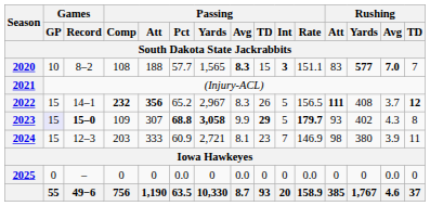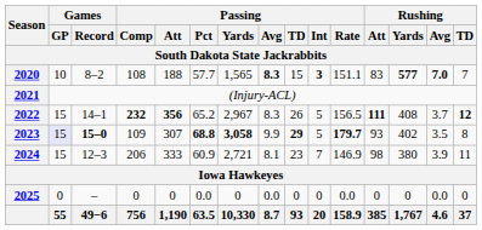 <table class="wikitable" style="text-align:center;">
 <tr>
 <th rowspan="2">Season</th>
 <th colspan="2">Games</th>
 <th colspan="8">Passing</th>
 <th colspan="4">Rushing</th>
 </tr>
 <tr>
 <th>GP</th>
 <th>Record</th>
 <th>Comp</th>
 <th>Att</th>
 <th>Pct</th>
 <th>Yards</th>
 <th>Avg</th>
 <th>TD</th>
 <th>Int</th>
 <th>Rate</th>
 <th>Att</th>
 <th>Yards</th>
 <th>Avg</th>
 <th>TD</th>
 </tr>
 <tr>
 <th colspan="16">South Dakota State Jackrabbits</th>
 </tr>
 <tr>
 <th><a href='#'>2020</a></th>
 <td>10</td>
 <td>8–2</td>
 <td>108</td>
 <td>188</td>
 <td>57.7</td>
 <td>1,565</td>
 <td><strong>8.3</strong></td>
 <td>15</td>
 <td><strong>3</strong></td>
 <td>151.1</td>
 <td>83</td>
 <td><strong>577</strong></td>
 <td><strong>7.0</strong></td>
 <td>7</td>
 </tr>
 <tr>
 <th><a href='#'>2021</a></th>
 <td colspan="15"><em> (Injury-ACL)</em></td>
 </tr>
 <tr>
 <th><a href='#'>2022</a></th>
 <td>15</td>
 <td>14–1</td>
 <td><strong>232</strong></td>
 <td><strong>356</strong></td>
 <td>65.2</td>
 <td>2,967</td>
 <td>8.3</td>
 <td>26</td>
 <td>5</td>
 <td>156.5</td>
 <td><strong>111</strong></td>
 <td>408</td>
 <td>3.7</td>
 <td><strong>12</strong></td>
 </tr>
 <tr>
 <th><a href='#'>2023</a></th>
 <td style="background: lavender;">15</td>
 <td><strong>15–0</strong></td>
 <td>109</td>
 <td>307</td>
 <td><strong>68.8</strong></td>
 <td><strong>3,058</strong></td>
 <td>9.9</td>
 <td><strong>29</strong></td>
 <td>5</td>
 <td><strong>179.7</strong></td>
 <td>93</td>
 <td>402</td>
-<td>4.3</td>
+<td>3.5</td>
 <td>8</td>
 </tr>
 <tr>
 <th><a href='#'>2024</a></th>
 <td>15</td>
 <td>12–3</td>
-<td>203</td>
+<td>206</td>
 <td>333</td>
 <td>60.9</td>
 <td>2,721</td>
 <td>8.1</td>
 <td>23</td>
 <td>7</td>
 <td>146.9</td>
 <td>98</td>
 <td>380</td>
 <td>3.9</td>
 <td>11</td>
 </tr>
 <tr>
 <th colspan="16">Iowa Hawkeyes</th>
 </tr>
 <tr>
 <th><a href='#'>2025</a></th>
 <td>0</td>
 <td>–</td>
 <td>0</td>
 <td>0</td>
 <td>0.0</td>
 <td>0</td>
 <td>0.0</td>
 <td>0</td>
 <td>0</td>
 <td>0.0</td>
 <td>0</td>
 <td>0</td>
 <td>0.0</td>
 <td>0</td>
 </tr>
 <tr>
 <th></th>
 <th>55</th>
 <th>49−6</th>
 <th>756</th>
 <th>1,190</th>
 <th>63.5</th>
 <th>10,330</th>
 <th>8.7</th>
 <th>93</th>
 <th>20</th>
 <th>158.9</th>
 <th>385</th>
 <th>1,767</th>
 <th>4.6</th>
 <th>37</th>
 </tr>
 </table>
